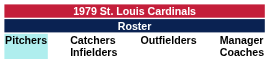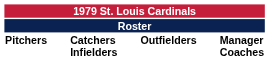 <table class="toccolours" style="font-size: 95%;">
 <tr>
 <th colspan="10" style="background-color: #c41e3a; color: white; text-align: center;">1979 St. Louis Cardinals</th>
 </tr>
 <tr>
 <td colspan="10" style="background-color: #0a2252; color: white; text-align: center;"><strong>Roster</strong></td>
 </tr>
 <tr>
-<td valign="top" style="background: paleturquoise;"><strong>Pitchers</strong><br>               </td>
+<td valign="top"><strong>Pitchers</strong><br>               </td>
 <td width="25px"></td>
 <td valign="top"><strong>Catchers</strong><br>   <strong>Infielders</strong>        </td>
 <td width="25px"></td>
 <td valign="top"><strong>Outfielders</strong><br>         </td>
 <td width="25px"></td>
 <td valign="top"><strong>Manager</strong><br> <strong>Coaches</strong>     </td>
 </tr>
 </table>
